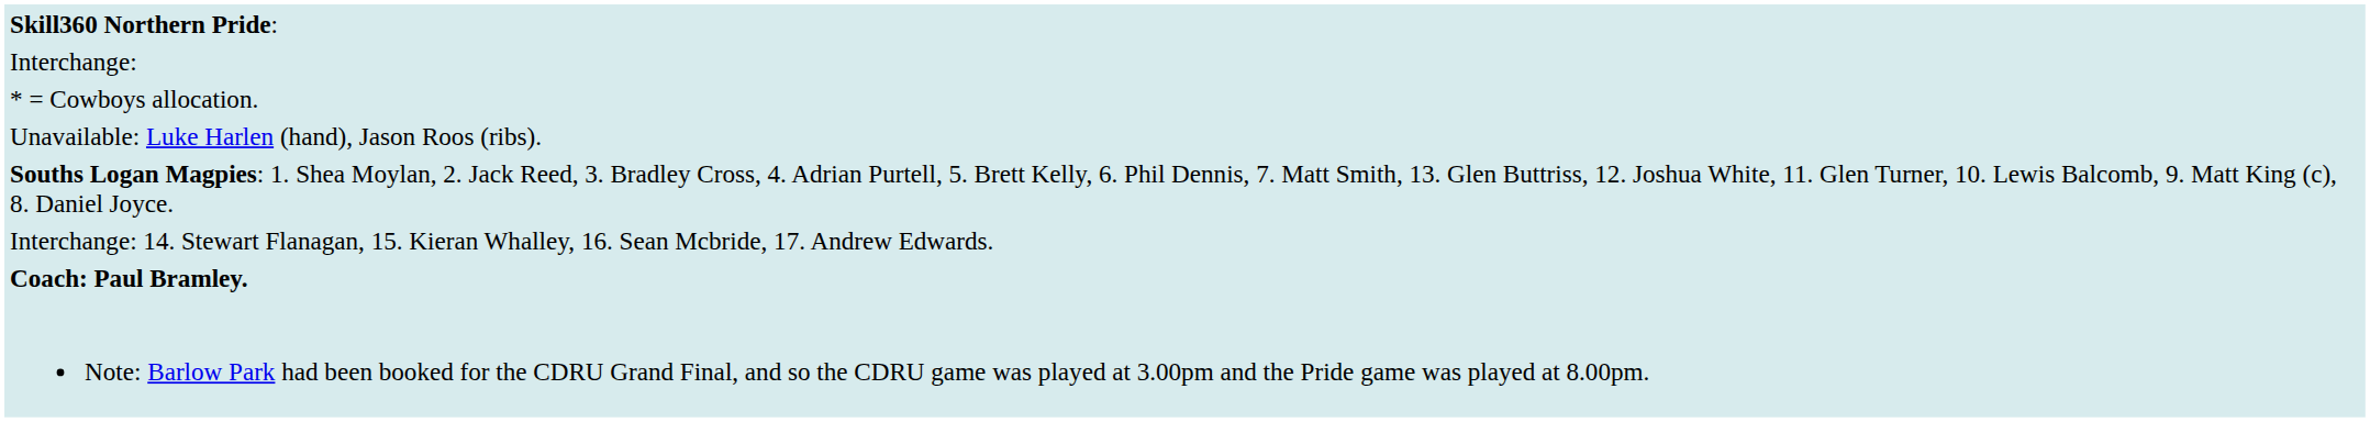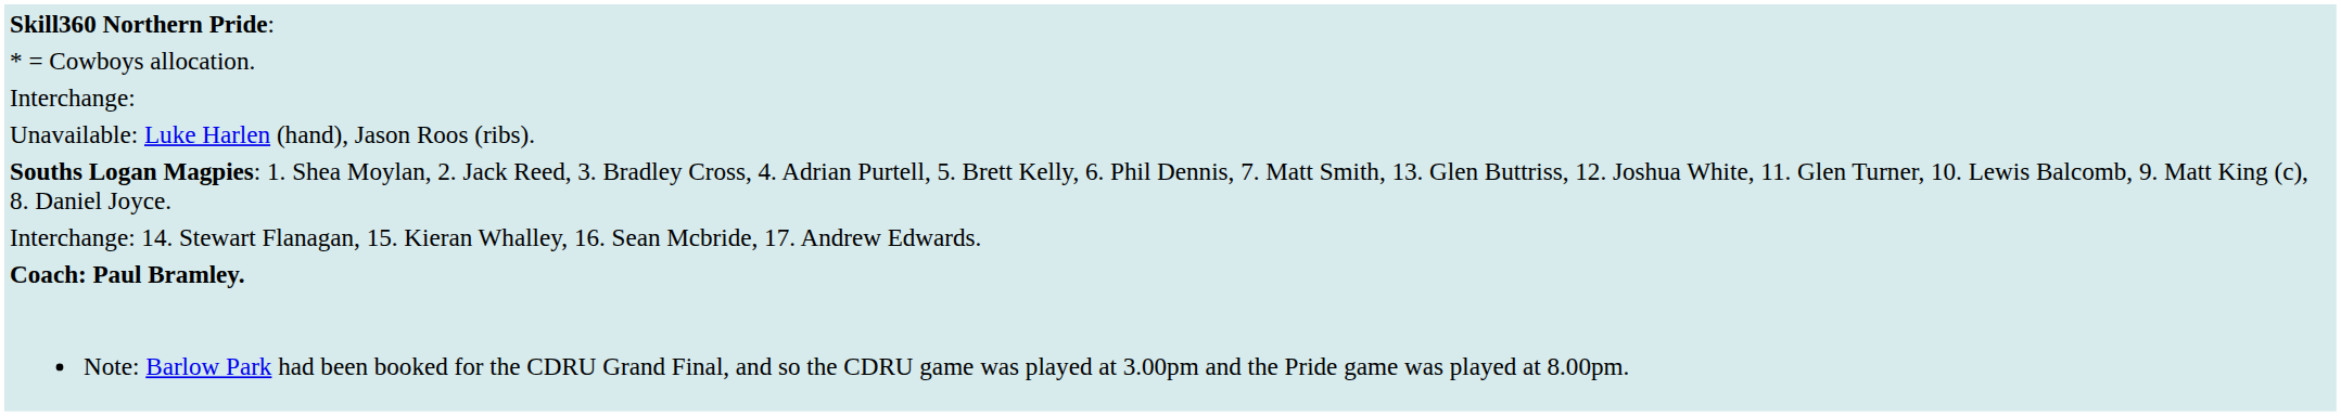 <table style="background:#d7ebed; font-size:85%; width:100%;">
 <tr>
 <td><strong>Skill360 Northern Pride</strong>:             </td>
 </tr>
 <tr>
-<td>Interchange:    </td>
+<td>* = Cowboys allocation.</td>
 </tr>
 <tr>
-<td>* = Cowboys allocation.</td>
+<td>Interchange:    </td>
 </tr>
 <tr>
 <td>Unavailable: <a href='#'>Luke Harlen</a> (hand), Jason Roos (ribs).</td>
 </tr>
 <tr>
 <td><strong>Souths Logan Magpies</strong>: 1. Shea Moylan, 2. Jack Reed, 3. Bradley Cross, 4. Adrian Purtell, 5. Brett Kelly, 6. Phil Dennis, 7. Matt Smith, 13. Glen Buttriss, 12. Joshua White, 11. Glen Turner, 10. Lewis Balcomb, 9. Matt King (c), 8. Daniel Joyce.</td>
 </tr>
 <tr>
 <td>Interchange: 14. Stewart Flanagan, 15. Kieran Whalley, 16. Sean Mcbride, 17. Andrew Edwards.</td>
 </tr>
 <tr>
 <td><strong>Coach: Paul Bramley.</strong></td>
 </tr>
 <tr>
 <td><br><ul><li>Note: <a href='#'>Barlow Park</a> had been booked for the CDRU Grand Final, and so the CDRU game was played at 3.00pm and the Pride game was played at 8.00pm.</li></ul></td>
 </tr>
 </table>
